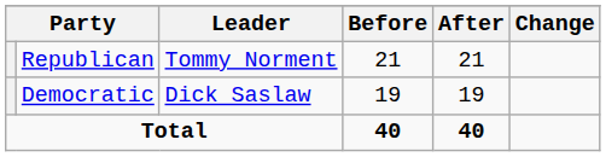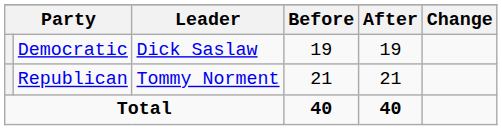 <table class="wikitable" style="text-align:center;">
 <tr>
 </tr>
 <tr>
 <th colspan=2>Party</th>
 <th>Leader</th>
 <th>Before</th>
 <th>After</th>
 <th>Change</th>
 </tr>
 <tr>
 <th style="background-color:"></th>
+<td style="text-align:left;"><a href='#'>Democratic</a></td>
+<td style="text-align:left;"><a href='#'>Dick Saslaw</a></td>
+<td>19</td>
+<td>19</td>
+<td></td>
+</tr>
+<tr>
+<th style="background-color:"></th>
 <td style="text-align:left;"><a href='#'>Republican</a></td>
 <td style="text-align:left;"><a href='#'>Tommy Norment</a></td>
 <td>21</td>
 <td>21</td>
-<td></td>
-</tr>
-<tr>
-<th style="background-color:"></th>
-<td style="text-align:left;"><a href='#'>Democratic</a></td>
-<td style="text-align:left;"><a href='#'>Dick Saslaw</a></td>
-<td>19</td>
-<td>19</td>
 <td></td>
 </tr>
 <tr>
 <td colspan=3><strong>Total</strong></td>
 <td><strong>40</strong></td>
 <td><strong>40</strong></td>
 </tr>
 </table>
